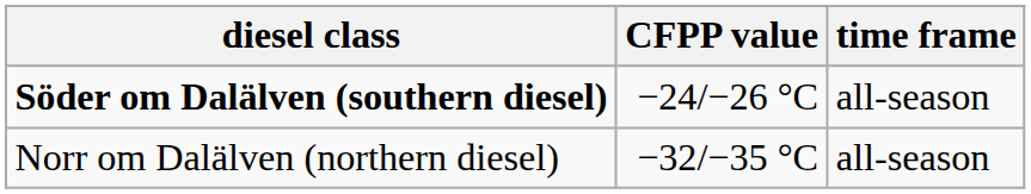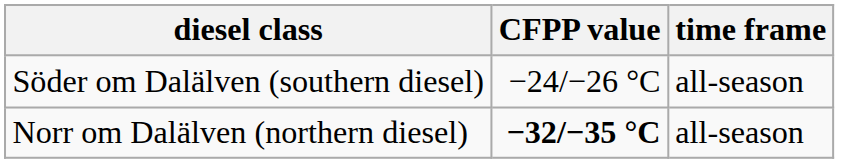 <table class="wikitable">
 <tr>
 <th>diesel class</th>
 <th>CFPP value</th>
 <th>time frame</th>
 </tr>
 <tr>
-<td><strong>Söder om Dalälven (southern diesel)</strong></td>
+<td>Söder om Dalälven (southern diesel)</td>
 <td align=right>−24/−26 °C</td>
 <td>all-season</td>
 </tr>
 <tr>
 <td>Norr om Dalälven (northern diesel)</td>
-<td align=right>−32/−35 °C</td>
+<td align=right><strong>−32/−35 °C</strong></td>
 <td>all-season</td>
 </tr>
 </table>
